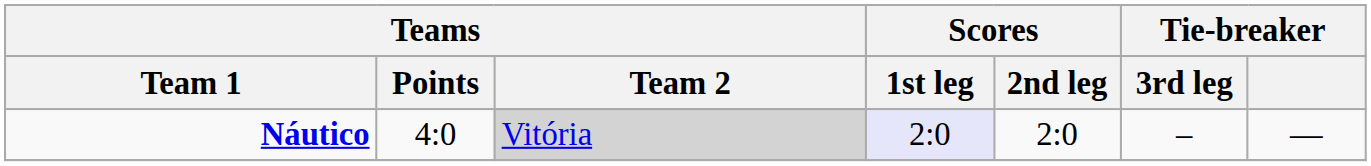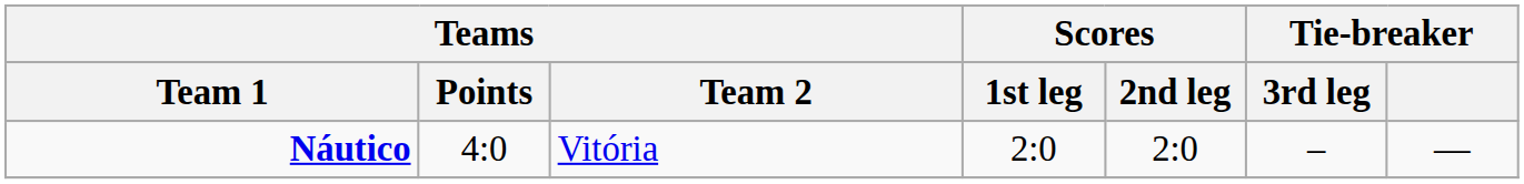 <table class="wikitable" style="text-align:center;">
 <tr>
 <th colspan=3>Teams</th>
 <th colspan=2>Scores</th>
 <th colspan=2>Tie-breaker</th>
 </tr>
 <tr>
 <th width="175">Team 1</th>
 <th width="50">Points</th>
 <th width="175">Team 2</th>
 <th width="55">1st leg</th>
 <th width="55">2nd leg</th>
 <th width="55">3rd leg</th>
 <th width="50"></th>
 </tr>
 <tr>
 <td align=right><strong><a href='#'>Náutico</a></strong> </td>
 <td>4:0</td>
-<td align=left style="background: lightgrey;"> <a href='#'>Vitória</a></td>
-<td style="background: lavender;">2:0</td>
+<td align=left> <a href='#'>Vitória</a></td>
+<td>2:0</td>
 <td>2:0</td>
 <td>–</td>
 <td>—</td>
 </tr>
 <tr>
 </tr>
 </table>
